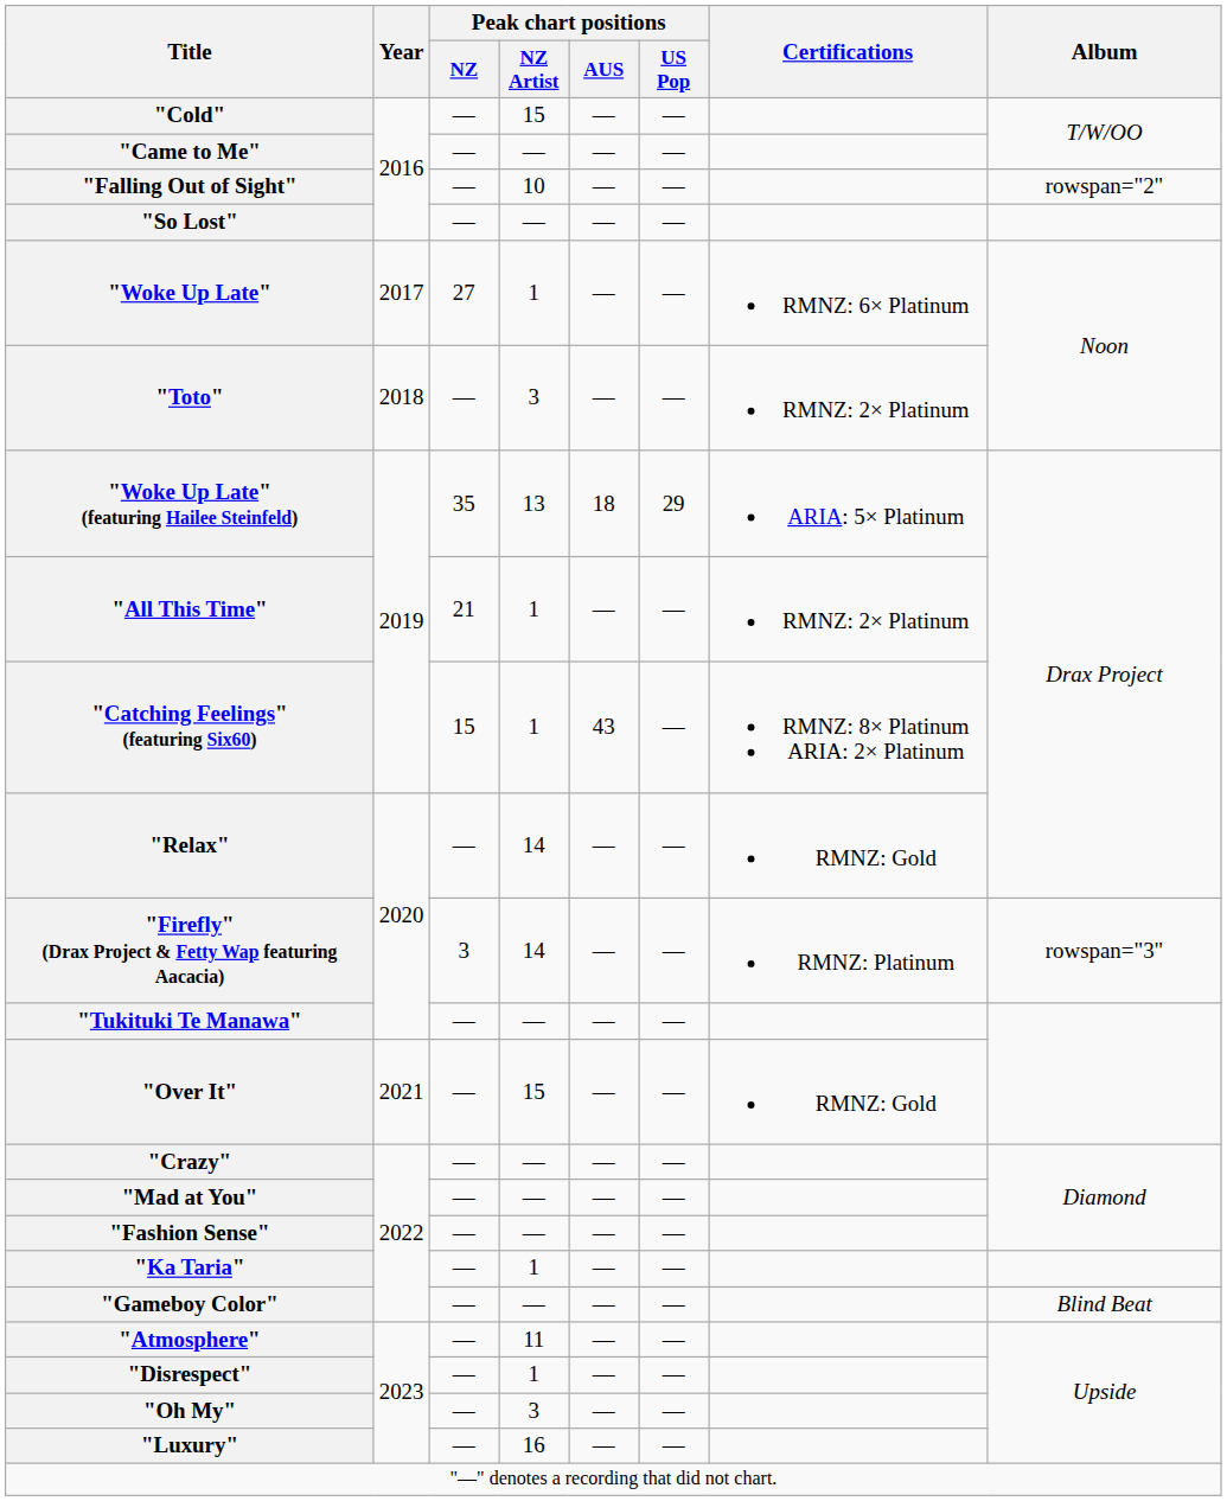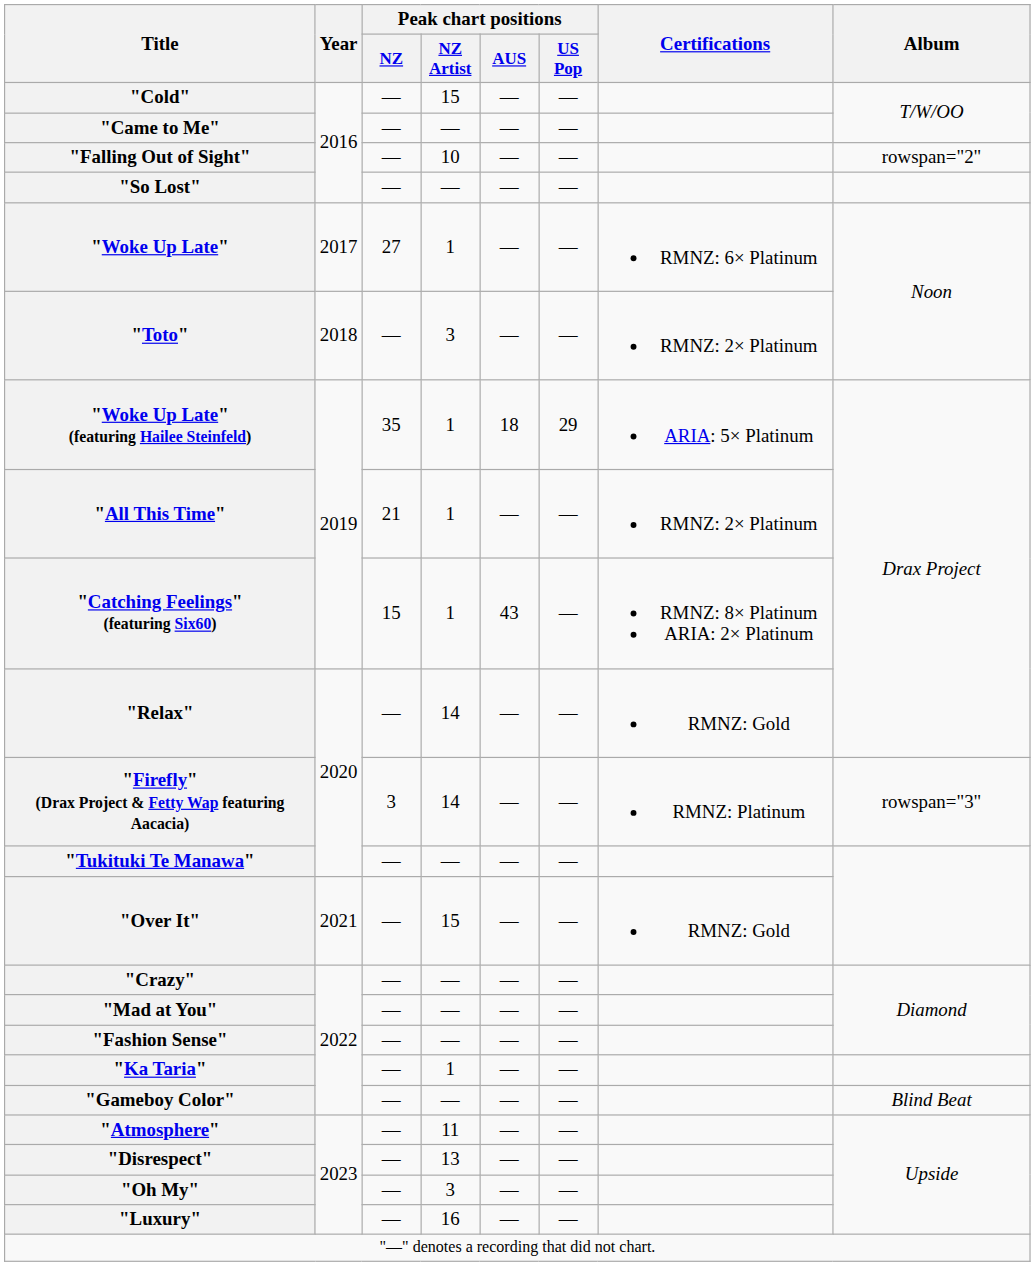 <table class="wikitable plainrowheaders" style="text-align:center;">
 <tr>
 <th scope="col" rowspan="2" style="width:16em;">Title</th>
 <th scope="col" rowspan="2" style="width:1em;">Year</th>
 <th scope="col" colspan="4">Peak chart positions</th>
 <th scope="col" rowspan="2" style="width:12em;"><a href='#'>Certifications</a></th>
 <th scope="col" rowspan="2" style="width:10em;">Album</th>
 </tr>
 <tr>
 <th scope="col" style="width:3em;font-size:90%;"><a href='#'>NZ</a><br></th>
 <th scope="col" style="width:3em;font-size:90%;"><a href='#'>NZ<br>Artist</a><br></th>
 <th scope="col" style="width:3em;font-size:90%;"><a href='#'>AUS</a><br></th>
 <th scope="col" style="width:3em;font-size:90%;"><a href='#'>US Pop</a><br></th>
 </tr>
 <tr>
 <th scope="row">"Cold"</th>
 <td rowspan="4">2016</td>
 <td>—</td>
 <td>15</td>
 <td>—</td>
 <td>—</td>
 <td></td>
 <td rowspan="2"><em>T/W/OO</em></td>
 </tr>
 <tr>
 <th scope="row">"Came to Me"</th>
 <td>—</td>
 <td>—</td>
 <td>—</td>
 <td>—</td>
 <td></td>
 </tr>
 <tr>
 <th scope="row">"Falling Out of Sight"</th>
 <td>—</td>
 <td>10</td>
 <td>—</td>
 <td>—</td>
 <td></td>
 <td>rowspan="2" </td>
 </tr>
 <tr>
 <th scope="row">"So Lost"</th>
 <td>—</td>
 <td>—</td>
 <td>—</td>
 <td>—</td>
 <td></td>
 </tr>
 <tr>
 <th scope="row">"<a href='#'>Woke Up Late</a>"</th>
 <td>2017</td>
 <td>27<br></td>
 <td>1</td>
 <td>—</td>
 <td>—</td>
 <td><br><ul><li>RMNZ: 6× Platinum</li></ul></td>
 <td rowspan="2"><em>Noon</em></td>
 </tr>
 <tr>
 <th scope="row">"<a href='#'>Toto</a>"</th>
 <td>2018</td>
 <td>—</td>
 <td>3</td>
 <td>—</td>
 <td>—</td>
 <td><br><ul><li>RMNZ: 2× Platinum</li></ul></td>
 </tr>
 <tr>
 <th scope="row">"<a href='#'>Woke Up Late</a>"<br><small>(featuring <a href='#'>Hailee Steinfeld</a>)</small></th>
 <td rowspan="3">2019</td>
 <td>35</td>
-<td>13</td>
+<td>1</td>
 <td>18</td>
 <td>29</td>
 <td><br><ul><li><a href='#'>ARIA</a>: 5× Platinum</li></ul></td>
 <td rowspan="4"><em>Drax Project</em></td>
 </tr>
 <tr>
 <th scope="row">"<a href='#'>All This Time</a>"</th>
 <td>21</td>
 <td>1</td>
 <td>—</td>
 <td>—</td>
 <td><br><ul><li>RMNZ: 2× Platinum</li></ul></td>
 </tr>
 <tr>
 <th scope="row">"<a href='#'>Catching Feelings</a>"<br><small>(featuring <a href='#'>Six60</a>)</small></th>
 <td>15</td>
 <td>1</td>
 <td>43</td>
 <td>—</td>
 <td><br><ul><li>RMNZ: 8× Platinum</li><li>ARIA: 2× Platinum</li></ul></td>
 </tr>
 <tr>
 <th scope="row">"Relax"</th>
 <td rowspan="3">2020</td>
 <td>—</td>
 <td>14</td>
 <td>—</td>
 <td>—</td>
 <td><br><ul><li>RMNZ: Gold</li></ul></td>
 </tr>
 <tr>
 <th scope="row">"<a href='#'>Firefly</a>"<br><small>(Drax Project & <a href='#'>Fetty Wap</a> featuring Aacacia)</small></th>
 <td>3</td>
 <td>14</td>
 <td>—</td>
 <td>—</td>
 <td><br><ul><li>RMNZ: Platinum</li></ul></td>
 <td>rowspan="3" </td>
 </tr>
 <tr>
 <th scope="row">"<a href='#'>Tukituki Te Manawa</a>"</th>
 <td>—</td>
 <td>—</td>
 <td>—</td>
 <td>—</td>
 <td></td>
 </tr>
 <tr>
 <th scope="row">"Over It"</th>
 <td>2021</td>
 <td>—</td>
 <td>15</td>
 <td>—</td>
 <td>—</td>
 <td><br><ul><li>RMNZ: Gold</li></ul></td>
 </tr>
 <tr>
 <th scope="row">"Crazy"</th>
 <td rowspan="5">2022</td>
 <td>—</td>
 <td>—</td>
 <td>—</td>
 <td>—</td>
 <td></td>
 <td rowspan="3"><em>Diamond</em></td>
 </tr>
 <tr>
 <th scope="row">"Mad at You"</th>
 <td>—</td>
 <td>—</td>
 <td>—</td>
 <td>—</td>
 <td></td>
 </tr>
 <tr>
 <th scope="row">"Fashion Sense"</th>
 <td>—</td>
 <td>—</td>
 <td>—</td>
 <td>—</td>
 <td></td>
 </tr>
 <tr>
 <th scope="row">"<a href='#'>Ka Taria</a>"<br></th>
 <td>—</td>
 <td>1</td>
 <td>—</td>
 <td>—</td>
 <td></td>
 <td></td>
 </tr>
 <tr>
 <th scope="row">"Gameboy Color"</th>
 <td>—</td>
 <td>—</td>
 <td>—</td>
 <td>—</td>
 <td></td>
 <td><em>Blind Beat</em></td>
 </tr>
 <tr>
 <th scope="row">"<a href='#'>Atmosphere</a>"</th>
 <td rowspan="4">2023</td>
 <td>—</td>
 <td>11</td>
 <td>—</td>
 <td>—</td>
 <td></td>
 <td rowspan="4"><em>Upside</em></td>
 </tr>
 <tr>
 <th scope="row">"Disrespect"<br></th>
 <td>—</td>
-<td>1</td>
+<td>13</td>
 <td>—</td>
 <td>—</td>
 <td></td>
 </tr>
 <tr>
 <th scope="row">"Oh My"</th>
 <td>—</td>
 <td>3</td>
 <td>—</td>
 <td>—</td>
 <td></td>
 </tr>
 <tr>
 <th scope="row">"Luxury"</th>
 <td>—</td>
 <td>16</td>
 <td>—</td>
 <td>—</td>
 <td></td>
 </tr>
 <tr>
 <td colspan="8" style="font-size:85%;">"—" denotes a recording that did not chart.</td>
 </tr>
 </table>
